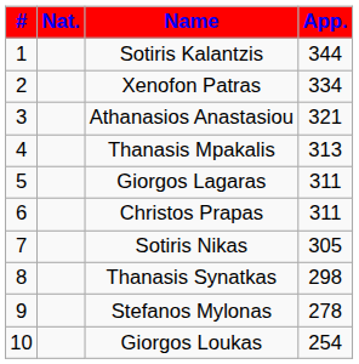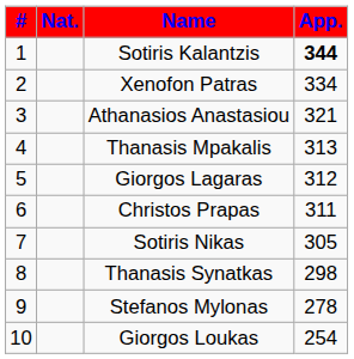 <table class="wikitable" style="text-align:center;display:inline-table;">
 <tr>
 <th style="color:blue; background:red;">#</th>
 <th style="color:blue; background:red;">Nat.</th>
 <th style="color:blue; background:red;">Name</th>
 <th style="color:blue; background:red;">App.</th>
 </tr>
 <tr>
 <td>1</td>
 <td></td>
 <td>Sotiris Kalantzis</td>
-<td>344</td>
+<td><strong>344</strong></td>
 </tr>
 <tr>
 <td>2</td>
 <td></td>
 <td>Xenofon Patras</td>
 <td>334</td>
 </tr>
 <tr>
 <td>3</td>
 <td></td>
 <td>Athanasios Anastasiou</td>
 <td>321</td>
 </tr>
 <tr>
 <td>4</td>
 <td></td>
 <td>Thanasis Mpakalis</td>
 <td>313</td>
 </tr>
 <tr>
 <td>5</td>
 <td></td>
 <td>Giorgos Lagaras</td>
-<td>311</td>
+<td>312</td>
 </tr>
 <tr>
 <td>6</td>
 <td></td>
 <td>Christos Prapas</td>
 <td>311</td>
 </tr>
 <tr>
 <td>7</td>
 <td></td>
 <td>Sotiris Nikas</td>
 <td>305</td>
 </tr>
 <tr>
 <td>8</td>
 <td></td>
 <td>Thanasis Synatkas</td>
 <td>298</td>
 </tr>
 <tr>
 <td>9</td>
 <td></td>
 <td>Stefanos Mylonas</td>
 <td>278</td>
 </tr>
 <tr>
 <td>10</td>
 <td></td>
 <td>Giorgos Loukas</td>
 <td>254</td>
 </tr>
 </table>
